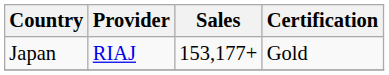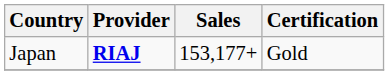 <table class="wikitable" border="1">
 <tr>
 <th>Country</th>
 <th>Provider</th>
 <th>Sales</th>
 <th>Certification</th>
 </tr>
 <tr>
 <td>Japan</td>
-<td><a href='#'>RIAJ</a></td>
+<td><strong><a href='#'>RIAJ</a></strong></td>
 <td>153,177+</td>
 <td>Gold</td>
 </tr>
 <tr>
 </tr>
 </table>
